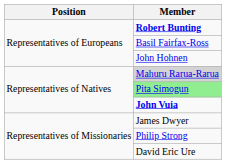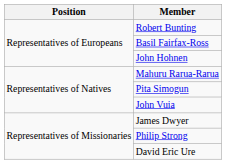 <table class=wikitable>
 <tr>
 <th colspan=2>Position</th>
 <th>Member</th>
 </tr>
 <tr>
 <td colspan=2 rowspan=3>Representatives of Europeans</td>
-<td><strong><a href='#'>Robert Bunting</a></strong></td>
+<td><a href='#'>Robert Bunting</a></td>
 </tr>
 <tr>
 <td><a href='#'>Basil Fairfax-Ross</a></td>
 </tr>
 <tr>
 <td><a href='#'>John Hohnen</a></td>
 </tr>
 <tr>
 <td colspan=2 rowspan=3>Representatives of Natives</td>
-<td style="background: lightgrey;"><a href='#'>Mahuru Rarua-Rarua</a></td>
+<td><a href='#'>Mahuru Rarua-Rarua</a></td>
 </tr>
 <tr>
-<td style="background: lightgreen;"><a href='#'>Pita Simogun</a></td>
+<td><a href='#'>Pita Simogun</a></td>
 </tr>
 <tr>
-<td><strong><a href='#'>John Vuia</a></strong></td>
+<td><a href='#'>John Vuia</a></td>
 </tr>
 <tr>
 <td colspan=2 rowspan=3>Representatives of Missionaries</td>
 <td>James Dwyer</td>
 </tr>
 <tr>
 <td><a href='#'>Philip Strong</a></td>
 </tr>
 <tr>
 <td>David Eric Ure</td>
 </tr>
 </table>
